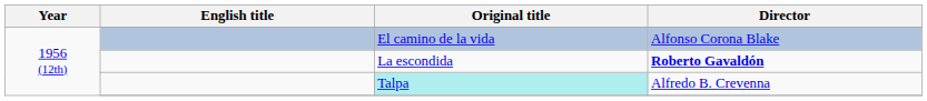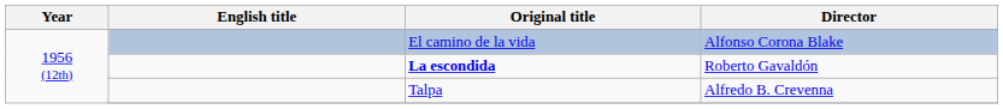 <table class="wikitable">
 <tr>
 <th width="100"><strong>Year</strong></th>
 <th width="300"><strong>English title</strong></th>
 <th width="300"><strong>Original title</strong></th>
 <th width="300"><strong>Director</strong></th>
 </tr>
 <tr>
 <td rowspan="6" style="text-align:center;"><a href='#'>1956</a><br><small><a href='#'>(12th)</a></small></td>
 </tr>
 <tr style="background:#B0C4DE;">
 <td></td>
 <td><a href='#'>El camino de la vida</a></td>
 <td><a href='#'>Alfonso Corona Blake</a></td>
 </tr>
 <tr>
 <td></td>
-<td><a href='#'>La escondida</a></td>
-<td><strong><a href='#'>Roberto Gavaldón</a></strong></td>
+<td><strong><a href='#'>La escondida</a></strong></td>
+<td><a href='#'>Roberto Gavaldón</a></td>
 </tr>
 <tr>
 <td></td>
-<td style="background: paleturquoise;"><a href='#'>Talpa</a></td>
+<td><a href='#'>Talpa</a></td>
 <td><a href='#'>Alfredo B. Crevenna</a></td>
 </tr>
 <tr>
 </tr>
 </table>
